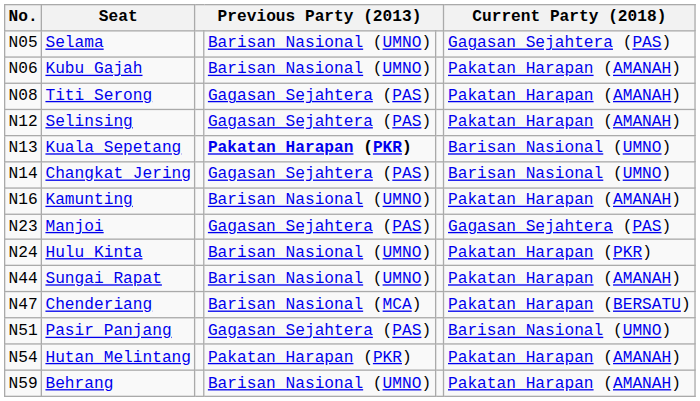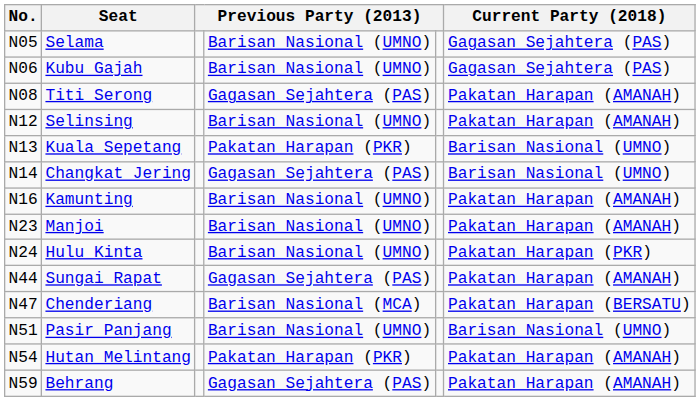 <table class="wikitable sortable" style="font-size:95%;">
 <tr>
 <th scope="col">No.</th>
 <th scope="col">Seat</th>
 <th colspan="3" scope="col">Previous Party (2013)</th>
 <th colspan="3" scope="col">Current Party (2018)</th>
 </tr>
 <tr>
 <td>N05</td>
 <td> <a href='#'>Selama</a></td>
 <td width="1"></td>
 <td><a href='#'>Barisan Nasional</a> (<a href='#'>UMNO</a>)</td>
 <td width="1"></td>
 <td><a href='#'>Gagasan Sejahtera</a> (<a href='#'>PAS</a>)</td>
 </tr>
 <tr>
 <td>N06</td>
 <td> <a href='#'>Kubu Gajah</a></td>
 <td width="1"></td>
 <td><a href='#'>Barisan Nasional</a> (<a href='#'>UMNO</a>)</td>
 <td width="1"></td>
-<td><a href='#'>Pakatan Harapan</a> (<a href='#'>AMANAH</a>)</td>
+<td><a href='#'>Gagasan Sejahtera</a> (<a href='#'>PAS</a>)</td>
 </tr>
 <tr>
 <td>N08</td>
 <td> <a href='#'>Titi Serong</a></td>
 <td width="1"></td>
 <td><a href='#'>Gagasan Sejahtera</a> (<a href='#'>PAS</a>)</td>
 <td width="1"></td>
 <td><a href='#'>Pakatan Harapan</a> (<a href='#'>AMANAH</a>)</td>
 </tr>
 <tr>
 <td>N12</td>
 <td> <a href='#'>Selinsing</a></td>
 <td width="1"></td>
-<td><a href='#'>Gagasan Sejahtera</a> (<a href='#'>PAS</a>)</td>
+<td><a href='#'>Barisan Nasional</a> (<a href='#'>UMNO</a>)</td>
 <td width="1"></td>
 <td><a href='#'>Pakatan Harapan</a> (<a href='#'>AMANAH</a>)</td>
 </tr>
 <tr>
 <td>N13</td>
 <td> <a href='#'>Kuala Sepetang</a></td>
 <td width="1"></td>
-<td><strong><a href='#'>Pakatan Harapan</a> (<a href='#'>PKR</a>)</strong></td>
+<td><a href='#'>Pakatan Harapan</a> (<a href='#'>PKR</a>)</td>
 <td width="1"></td>
 <td><a href='#'>Barisan Nasional</a> (<a href='#'>UMNO</a>)</td>
 </tr>
 <tr>
 <td>N14</td>
 <td> <a href='#'>Changkat Jering</a></td>
 <td width="1"></td>
 <td><a href='#'>Gagasan Sejahtera</a> (<a href='#'>PAS</a>)</td>
 <td width="1"></td>
 <td><a href='#'>Barisan Nasional</a> (<a href='#'>UMNO</a>)</td>
 </tr>
 <tr>
 <td>N16</td>
 <td> <a href='#'>Kamunting</a></td>
 <td width="1"></td>
 <td><a href='#'>Barisan Nasional</a> (<a href='#'>UMNO</a>)</td>
 <td width="1"></td>
 <td><a href='#'>Pakatan Harapan</a> (<a href='#'>AMANAH</a>)</td>
 </tr>
 <tr>
 <td>N23</td>
 <td> <a href='#'>Manjoi</a></td>
 <td width="1"></td>
-<td><a href='#'>Gagasan Sejahtera</a> (<a href='#'>PAS</a>)</td>
+<td><a href='#'>Barisan Nasional</a> (<a href='#'>UMNO</a>)</td>
 <td width="1"></td>
-<td><a href='#'>Gagasan Sejahtera</a> (<a href='#'>PAS</a>)</td>
+<td><a href='#'>Pakatan Harapan</a> (<a href='#'>AMANAH</a>)</td>
 </tr>
 <tr>
 <td>N24</td>
 <td> <a href='#'>Hulu Kinta</a></td>
 <td width="1"></td>
 <td><a href='#'>Barisan Nasional</a> (<a href='#'>UMNO</a>)</td>
 <td width="1"></td>
 <td><a href='#'>Pakatan Harapan</a> (<a href='#'>PKR</a>)</td>
 </tr>
 <tr>
 <td>N44</td>
 <td> <a href='#'>Sungai Rapat</a></td>
 <td width="1"></td>
-<td><a href='#'>Barisan Nasional</a> (<a href='#'>UMNO</a>)</td>
+<td><a href='#'>Gagasan Sejahtera</a> (<a href='#'>PAS</a>)</td>
 <td width="1"></td>
 <td><a href='#'>Pakatan Harapan</a> (<a href='#'>AMANAH</a>)</td>
 </tr>
 <tr>
 <td>N47</td>
 <td> <a href='#'>Chenderiang</a></td>
 <td width="1"></td>
 <td><a href='#'>Barisan Nasional</a> (<a href='#'>MCA</a>)</td>
 <td width="1"></td>
 <td><a href='#'>Pakatan Harapan</a> (<a href='#'>BERSATU</a>)</td>
 </tr>
 <tr>
 <td>N51</td>
 <td> <a href='#'>Pasir Panjang</a></td>
 <td width="1"></td>
-<td><a href='#'>Gagasan Sejahtera</a> (<a href='#'>PAS</a>)</td>
+<td><a href='#'>Barisan Nasional</a> (<a href='#'>UMNO</a>)</td>
 <td width="1"></td>
 <td><a href='#'>Barisan Nasional</a> (<a href='#'>UMNO</a>)</td>
 </tr>
 <tr>
 <td>N54</td>
 <td> <a href='#'>Hutan Melintang</a></td>
 <td width="1"></td>
 <td><a href='#'>Pakatan Harapan</a> (<a href='#'>PKR</a>)</td>
 <td width="1"></td>
 <td><a href='#'>Pakatan Harapan</a> (<a href='#'>AMANAH</a>)</td>
 </tr>
 <tr>
 <td>N59</td>
 <td> <a href='#'>Behrang</a></td>
 <td width="1"></td>
-<td><a href='#'>Barisan Nasional</a> (<a href='#'>UMNO</a>)</td>
+<td><a href='#'>Gagasan Sejahtera</a> (<a href='#'>PAS</a>)</td>
 <td width="1"></td>
 <td><a href='#'>Pakatan Harapan</a> (<a href='#'>AMANAH</a>)</td>
 </tr>
 </table>
